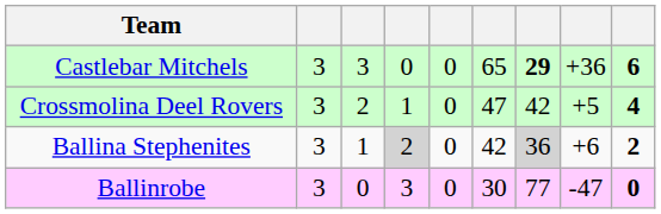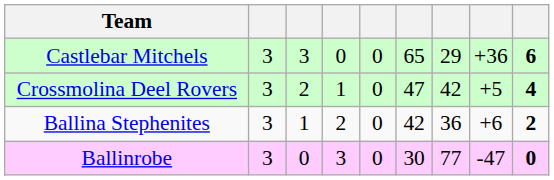 <table class="wikitable" style="text-align:center">
 <tr>
 <th style="width:175px;">Team</th>
 <th width="20"></th>
 <th width="20"></th>
 <th width="20"></th>
 <th width="20"></th>
 <th width="20"></th>
 <th width="20"></th>
 <th width="20"></th>
 <th width="20"></th>
 </tr>
 <tr style="background:#cfc;">
 <td><a href='#'>Castlebar Mitchels</a></td>
 <td>3</td>
 <td>3</td>
 <td>0</td>
 <td>0</td>
 <td>65</td>
-<td><strong>29</strong></td>
+<td>29</td>
 <td>+36</td>
 <td><strong>6</strong></td>
 </tr>
 <tr style="background:#cfc;">
 <td><a href='#'>Crossmolina Deel Rovers</a></td>
 <td>3</td>
 <td>2</td>
 <td>1</td>
 <td>0</td>
 <td>47</td>
 <td>42</td>
 <td>+5</td>
 <td><strong>4</strong></td>
 </tr>
 <tr>
 <td><a href='#'>Ballina Stephenites</a></td>
 <td>3</td>
 <td>1</td>
-<td style="background: lightgrey;">2</td>
+<td>2</td>
 <td>0</td>
 <td>42</td>
-<td style="background: lightgrey;">36</td>
+<td>36</td>
 <td>+6</td>
 <td><strong>2</strong></td>
 </tr>
 <tr style="background:#fcf;">
 <td><a href='#'>Ballinrobe</a></td>
 <td>3</td>
 <td>0</td>
 <td>3</td>
 <td>0</td>
 <td>30</td>
 <td>77</td>
 <td>-47</td>
 <td><strong>0</strong></td>
 </tr>
 </table>
